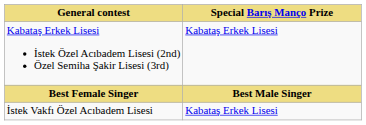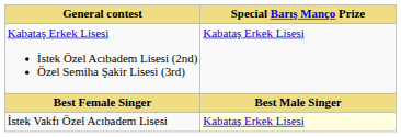 <table class=wikitable>
 <tr>
 <th style="background:#EEDD82; width:50%">General contest</th>
 <th style="background:#EEDD82; width:50%">Special <a href='#'>Barış Manço</a> Prize</th>
 </tr>
 <tr>
 <td valign="top"><a href='#'>Kabataş Erkek Lisesi</a><br><ul><li>İstek Özel Acıbadem Lisesi (2nd)</li><li>Özel Semiha Şakir Lisesi (3rd)</li></ul></td>
 <td valign="top"><a href='#'>Kabataş Erkek Lisesi</a></td>
 </tr>
 <tr>
 <th style="background:#EEDD82; width:50%">Best Female Singer</th>
 <th style="background:#EEDD82; width:50%">Best Male Singer</th>
 </tr>
 <tr>
 <td valign="top">İstek Vakfı Özel Acıbadem Lisesi</td>
-<td valign="top"><a href='#'>Kabataş Erkek Lisesi</a></td>
+<td valign="top" style="background: lightyellow;"><a href='#'>Kabataş Erkek Lisesi</a></td>
 </tr>
 </table>
